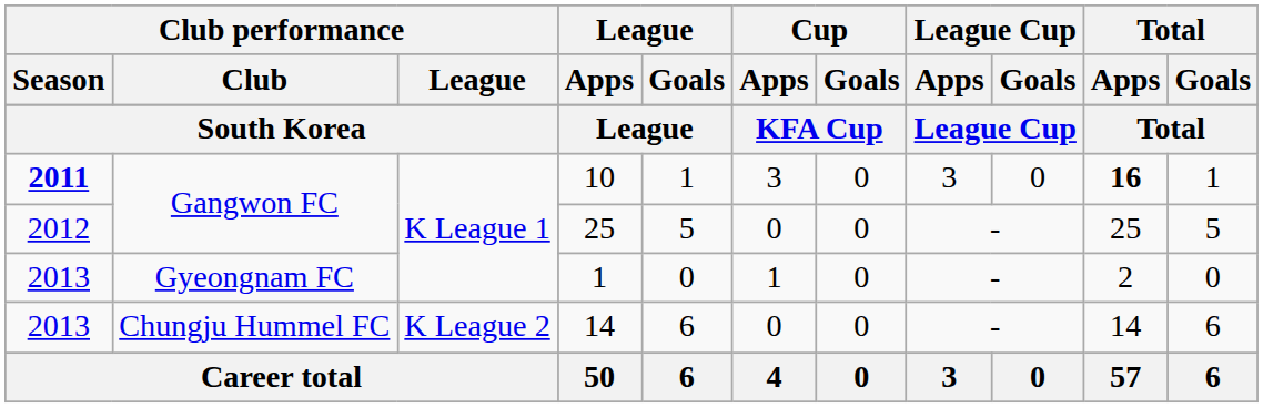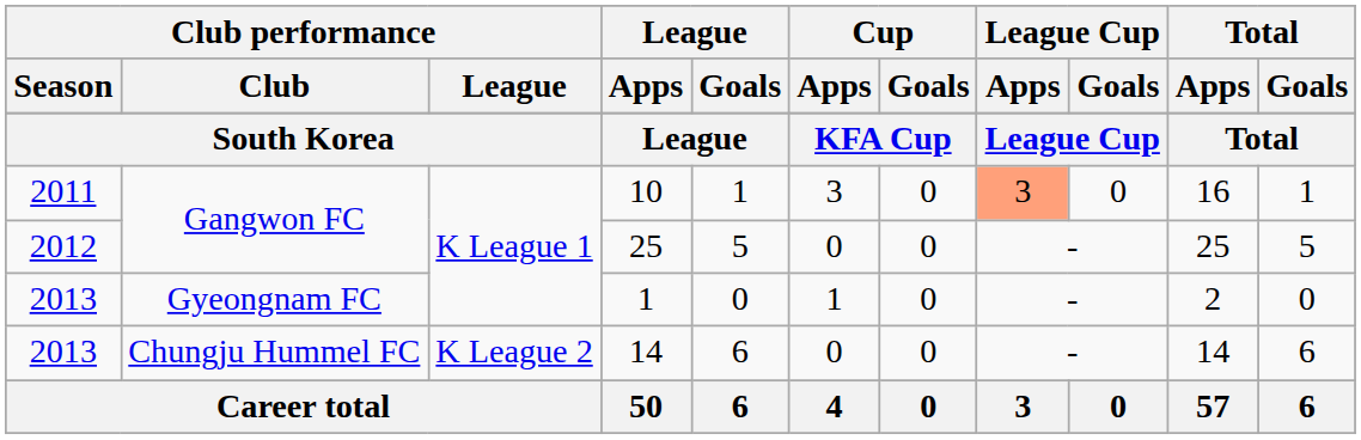 <table class="wikitable" style="text-align:center">
 <tr>
 <th colspan=3>Club performance</th>
 <th colspan=2>League</th>
 <th colspan=2>Cup</th>
 <th colspan=2>League Cup</th>
 <th colspan=2>Total</th>
 </tr>
 <tr>
 <th>Season</th>
 <th>Club</th>
 <th>League</th>
 <th>Apps</th>
 <th>Goals</th>
 <th>Apps</th>
 <th>Goals</th>
 <th>Apps</th>
 <th>Goals</th>
 <th>Apps</th>
 <th>Goals</th>
 </tr>
 <tr>
 </tr>
 <tr>
 <th colspan=3>South Korea</th>
 <th colspan=2>League</th>
 <th colspan=2><a href='#'>KFA Cup</a></th>
 <th colspan=2><a href='#'>League Cup</a></th>
 <th colspan=2>Total</th>
 </tr>
 <tr>
-<td><strong><a href='#'>2011</a></strong></td>
+<td><a href='#'>2011</a></td>
 <td rowspan="2"><a href='#'>Gangwon FC</a></td>
 <td rowspan="3"><a href='#'>K League 1</a></td>
 <td>10</td>
 <td>1</td>
 <td>3</td>
 <td>0</td>
-<td>3</td>
+<td style="background: lightsalmon;">3</td>
 <td>0</td>
-<td><strong>16</strong></td>
+<td>16</td>
 <td>1</td>
 </tr>
 <tr>
 <td><a href='#'>2012</a></td>
 <td>25</td>
 <td>5</td>
 <td>0</td>
 <td>0</td>
 <td colspan="2">-</td>
 <td>25</td>
 <td>5</td>
 </tr>
 <tr>
 <td><a href='#'>2013</a></td>
 <td rowspan="1"><a href='#'>Gyeongnam FC</a></td>
 <td>1</td>
 <td>0</td>
 <td>1</td>
 <td>0</td>
 <td colspan="2">-</td>
 <td>2</td>
 <td>0</td>
 </tr>
 <tr>
 <td><a href='#'>2013</a></td>
 <td rowspan="1"><a href='#'>Chungju Hummel FC</a></td>
 <td rowspan="1"><a href='#'>K League 2</a></td>
 <td>14</td>
 <td>6</td>
 <td>0</td>
 <td>0</td>
 <td colspan="2">-</td>
 <td>14</td>
 <td>6</td>
 </tr>
 <tr>
 <th colspan=3>Career total</th>
 <th>50</th>
 <th>6</th>
 <th>4</th>
 <th>0</th>
 <th>3</th>
 <th>0</th>
 <th>57</th>
 <th>6</th>
 </tr>
 </table>
